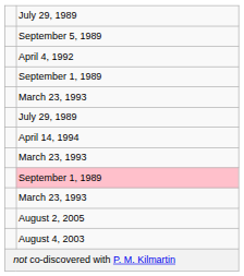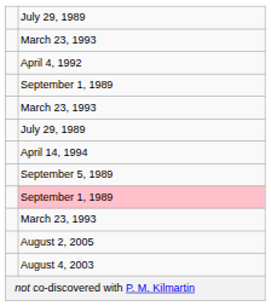 <table class="wikitable" style="font-size: 89%; float: left; width: 24em; margin-right: 1em; line-height: 1.6em !important;">
 <tr>
 <td></td>
 <td>July 29, 1989</td>
 </tr>
 <tr>
 <td></td>
-<td>September 5, 1989</td>
+<td>March 23, 1993</td>
 </tr>
 <tr>
 <td></td>
 <td>April 4, 1992</td>
 </tr>
 <tr>
 <td></td>
 <td>September 1, 1989</td>
 </tr>
 <tr>
 <td></td>
 <td>March 23, 1993</td>
 </tr>
 <tr>
 <td></td>
 <td>July 29, 1989</td>
 </tr>
 <tr>
 <td></td>
 <td>April 14, 1994</td>
 </tr>
 <tr>
 <td></td>
-<td>March 23, 1993</td>
+<td>September 5, 1989</td>
 </tr>
 <tr>
 <td></td>
 <td style="background: pink;">September 1, 1989</td>
 </tr>
 <tr>
 <td></td>
 <td>March 23, 1993</td>
 </tr>
 <tr>
 <td> </td>
 <td>August 2, 2005</td>
 </tr>
 <tr>
 <td></td>
 <td>August 4, 2003</td>
 </tr>
 <tr>
 <th colspan=2 style="font-weight: normal; text-align: left; padding: 4px 12px;"> <em>not</em> co-discovered with <a href='#'>P. M. Kilmartin</a></th>
 </tr>
 </table>
